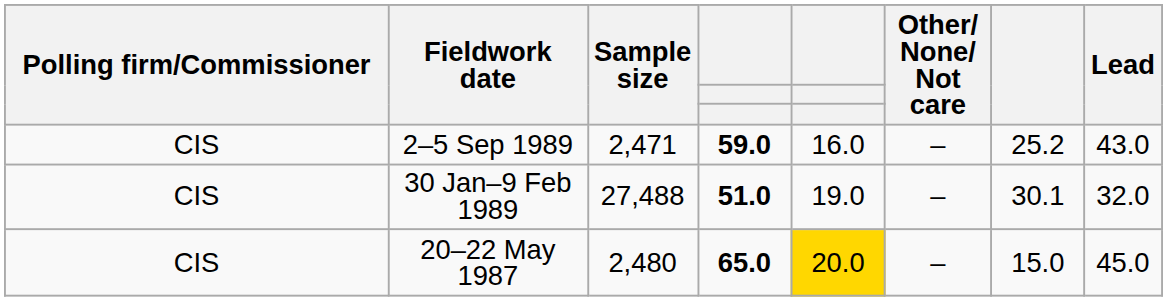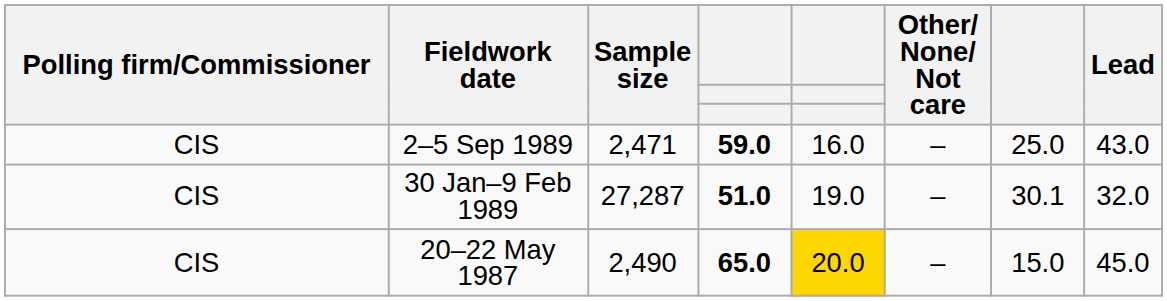 <table class="wikitable collapsible collapsed" style="text-align:center; font-size:90%; line-height:14px;">
 <tr style="height:42px;">
 <th style="width:250px;" rowspan="3">Polling firm/Commissioner</th>
 <th style="width:125px;" rowspan="3">Fieldwork date</th>
 <th style="width:50px;" rowspan="3">Sample size</th>
 <th style="width:55px;"></th>
 <th style="width:55px;"></th>
 <th style="width:55px;" rowspan="3">Other/<br>None/<br>Not<br>care</th>
 <th style="width:55px;" rowspan="3"></th>
 <th style="width:30px;" rowspan="3">Lead</th>
 </tr>
 <tr>
 <th style="color:inherit;background:"></th>
 <th style="color:inherit;background:"></th>
 </tr>
 <tr>
 <th></th>
 <th></th>
 </tr>
 <tr>
 <td>CIS</td>
 <td>2–5 Sep 1989</td>
 <td>2,471</td>
 <td><strong>59.0</strong></td>
 <td>16.0</td>
 <td>–</td>
-<td>25.2</td>
+<td>25.0</td>
 <td style="background:">43.0</td>
 </tr>
 <tr>
 <td>CIS</td>
 <td>30 Jan–9 Feb 1989</td>
-<td>27,488</td>
+<td>27,287</td>
 <td><strong>51.0</strong></td>
 <td>19.0</td>
 <td>–</td>
 <td>30.1</td>
 <td style="background:">32.0</td>
 </tr>
 <tr>
 <td>CIS</td>
 <td>20–22 May 1987</td>
-<td>2,480</td>
+<td>2,490</td>
 <td><strong>65.0</strong></td>
 <td style="background: gold;">20.0</td>
 <td>–</td>
 <td>15.0</td>
 <td style="background:">45.0</td>
 </tr>
 </table>
